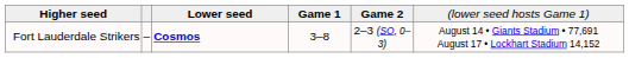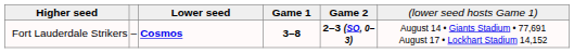 <table style=border-collapse:collapse border=1 cellspacing=0 cellpadding=2>
 <tr style="text-align:center; background:#efefef;">
 <th width=180>Higher seed</th>
 <th width=5></th>
 <th width=180>Lower seed</th>
 <th width=80>Game 1</th>
 <th width=80>Game 2</th>
 <td width=280><em>(lower seed hosts Game 1)</em></td>
 </tr>
 <tr style="text-align:center; background:snow;">
 <td align=right>Fort Lauderdale Strikers</td>
 <td>–</td>
 <td align=left><strong><a href='#'>Cosmos</a></strong></td>
-<td>3–8</td>
-<td>2–3 <small><em>(<a href='#'>SO</a>, 0–3)</em></small></td>
+<td><strong>3–8</strong></td>
+<td><strong>2–3 <small><em>(<a href='#'>SO</a>, 0–3)</em></small></strong></td>
 <td><small>August 14 • <a href='#'>Giants Stadium</a> • 77,691<br>August 17 • <a href='#'>Lockhart Stadium</a> 14,152</small></td>
 </tr>
 </table>
